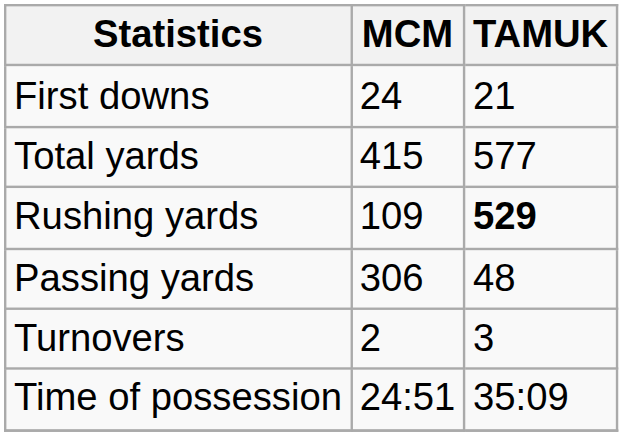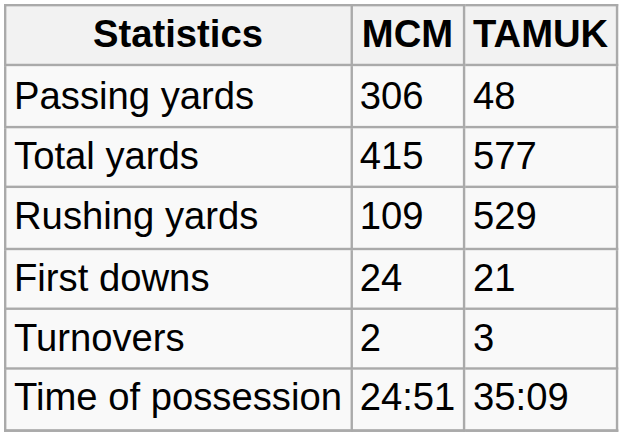 <table class="wikitable">
 <tr>
 <th>Statistics</th>
 <th>MCM</th>
 <th>TAMUK</th>
 </tr>
 <tr>
-<td>First downs</td>
-<td>24</td>
-<td>21</td>
+<td>Passing yards</td>
+<td>306</td>
+<td>48</td>
 </tr>
 <tr>
 <td>Total yards</td>
 <td>415</td>
 <td>577</td>
 </tr>
 <tr>
 <td>Rushing yards</td>
 <td>109</td>
-<td><strong>529</strong></td>
+<td>529</td>
 </tr>
 <tr>
-<td>Passing yards</td>
-<td>306</td>
-<td>48</td>
+<td>First downs</td>
+<td>24</td>
+<td>21</td>
 </tr>
 <tr>
 <td>Turnovers</td>
 <td>2</td>
 <td>3</td>
 </tr>
 <tr>
 <td>Time of possession</td>
 <td>24:51</td>
 <td>35:09</td>
 </tr>
 <tr>
 </tr>
 </table>
